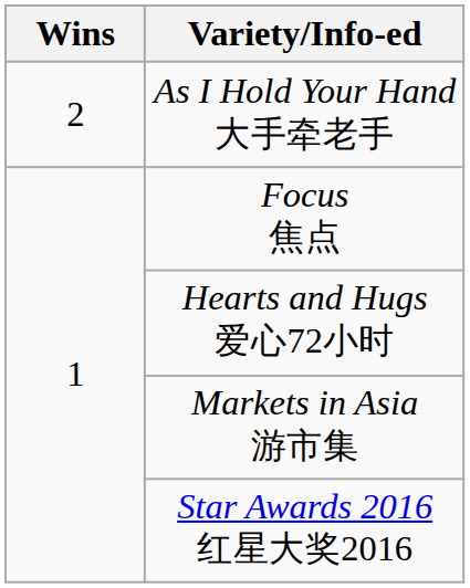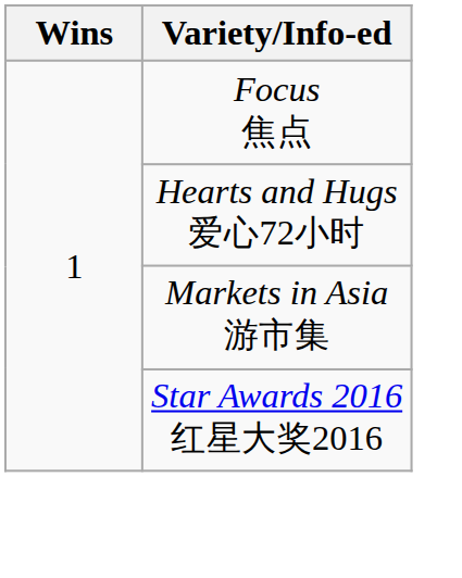 <table class="wikitable plainrowheaders" style="text-align: center">
 <tr>
 <th scope="col" style="width:55px;" style="background-color:#EEDD82;">Wins</th>
 <th scope="col" style="text-align:center;" style="background-color:#EEDD82;">Variety/Info-ed</th>
-</tr>
-<tr>
-<td scope=row style="text-align:center">2</td>
-<td><em>As I Hold Your Hand</em><br>大手牵老手</td>
 </tr>
 <tr>
 <td rowspan=4 scope=row style="text-align:center">1</td>
 <td><em>Focus</em><br>焦点</td>
 </tr>
 <tr>
 <td><em>Hearts and Hugs</em><br>爱心72小时</td>
 </tr>
 <tr>
 <td><em>Markets in Asia</em><br>游市集</td>
 </tr>
 <tr>
 <td><em><a href='#'>Star Awards 2016</a></em><br>红星大奖2016</td>
 </tr>
 </table>
